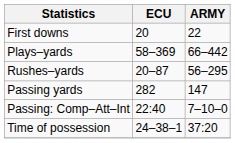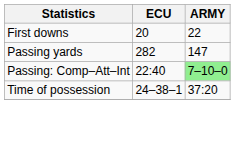 <table class="wikitable" style="float: left;">
 <tr>
 <th>Statistics</th>
 <th>ECU</th>
 <th>ARMY</th>
 </tr>
 <tr>
 <td>First downs</td>
 <td>20</td>
 <td>22</td>
 </tr>
 <tr>
-<td>Plays–yards</td>
-<td>58–369</td>
-<td>66–442</td>
-</tr>
-<tr>
-<td>Rushes–yards</td>
-<td>20–87</td>
-<td>56–295</td>
-</tr>
-<tr>
 <td>Passing yards</td>
 <td>282</td>
 <td>147</td>
 </tr>
 <tr>
 <td>Passing: Comp–Att–Int</td>
 <td>22:40</td>
-<td>7–10–0</td>
+<td style="background: lightgreen;">7–10–0</td>
 </tr>
 <tr>
 <td>Time of possession</td>
 <td>24–38–1</td>
 <td>37:20</td>
 </tr>
 <tr>
 </tr>
 </table>
